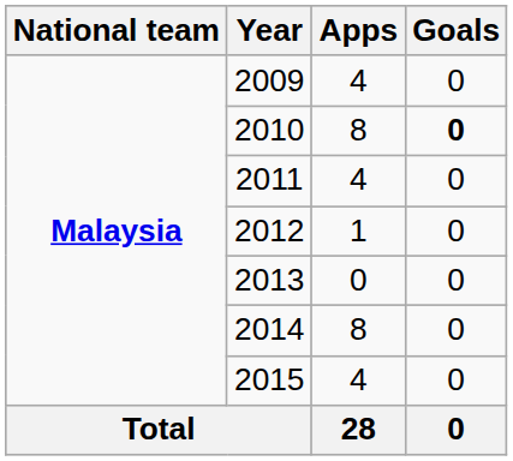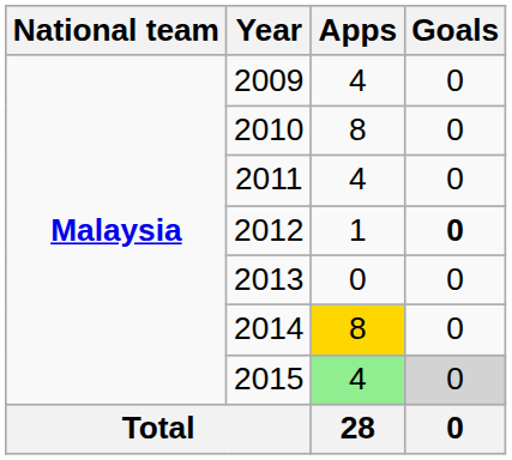 <table class="wikitable" style="text-align:center;">
 <tr>
 <th>National team</th>
 <th>Year</th>
 <th>Apps</th>
 <th>Goals</th>
 </tr>
 <tr>
 <td rowspan="7"><strong><a href='#'>Malaysia</a></strong></td>
 <td>2009</td>
 <td>4</td>
 <td>0</td>
 </tr>
 <tr>
 <td>2010</td>
 <td>8</td>
-<td><strong>0</strong></td>
+<td>0</td>
 </tr>
 <tr>
 <td>2011</td>
 <td>4</td>
 <td>0</td>
 </tr>
 <tr>
 <td>2012</td>
 <td>1</td>
-<td>0</td>
+<td><strong>0</strong></td>
 </tr>
 <tr>
 <td>2013</td>
 <td>0</td>
 <td>0</td>
 </tr>
 <tr>
 <td>2014</td>
-<td>8</td>
+<td style="background: gold;">8</td>
 <td>0</td>
 </tr>
 <tr>
 <td>2015</td>
-<td>4</td>
-<td>0</td>
+<td style="background: lightgreen;">4</td>
+<td style="background: lightgrey;">0</td>
 </tr>
 <tr>
 <th colspan=2>Total</th>
 <th>28</th>
 <th>0</th>
 </tr>
 </table>
